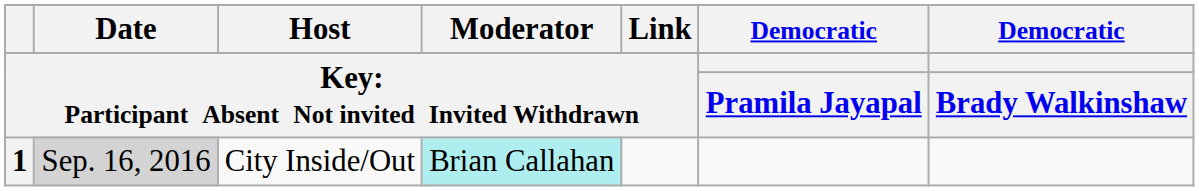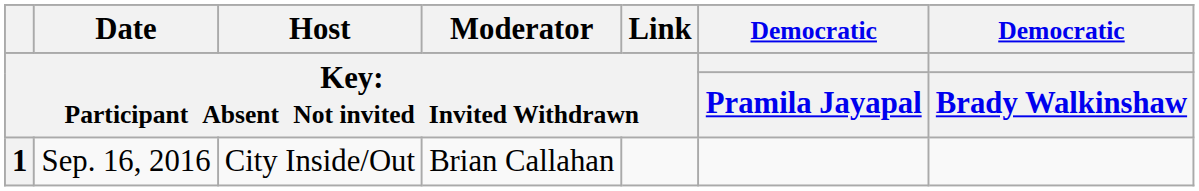 <table class="wikitable" style="text-align:center;">
 <tr>
 <th scope="col"></th>
 <th scope="col">Date</th>
 <th scope="col">Host</th>
 <th scope="col">Moderator</th>
 <th scope="col">Link</th>
 <th scope="col"><small><a href='#'>Democratic</a></small></th>
 <th scope="col"><small><a href='#'>Democratic</a></small></th>
 </tr>
 <tr>
 <th colspan="5" rowspan="2">Key:<br> <small>Participant </small>  <small>Absent </small>  <small>Not invited </small>  <small>Invited  Withdrawn</small></th>
 <th scope="col" style="background:"></th>
 <th scope="col" style="background:"></th>
 </tr>
 <tr>
 <th scope="col"><a href='#'>Pramila Jayapal</a></th>
 <th scope="col"><a href='#'>Brady Walkinshaw</a></th>
 </tr>
 <tr>
 <th>1</th>
-<td style="background: lightgrey; white-space:nowrap;">Sep. 16, 2016</td>
+<td style="white-space:nowrap;">Sep. 16, 2016</td>
 <td style="white-space:nowrap;">City Inside/Out</td>
-<td style="background: paleturquoise; white-space:nowrap;">Brian Callahan</td>
+<td style="white-space:nowrap;">Brian Callahan</td>
 <td style="white-space:nowrap;"></td>
 <td></td>
 <td></td>
 </tr>
 </table>
